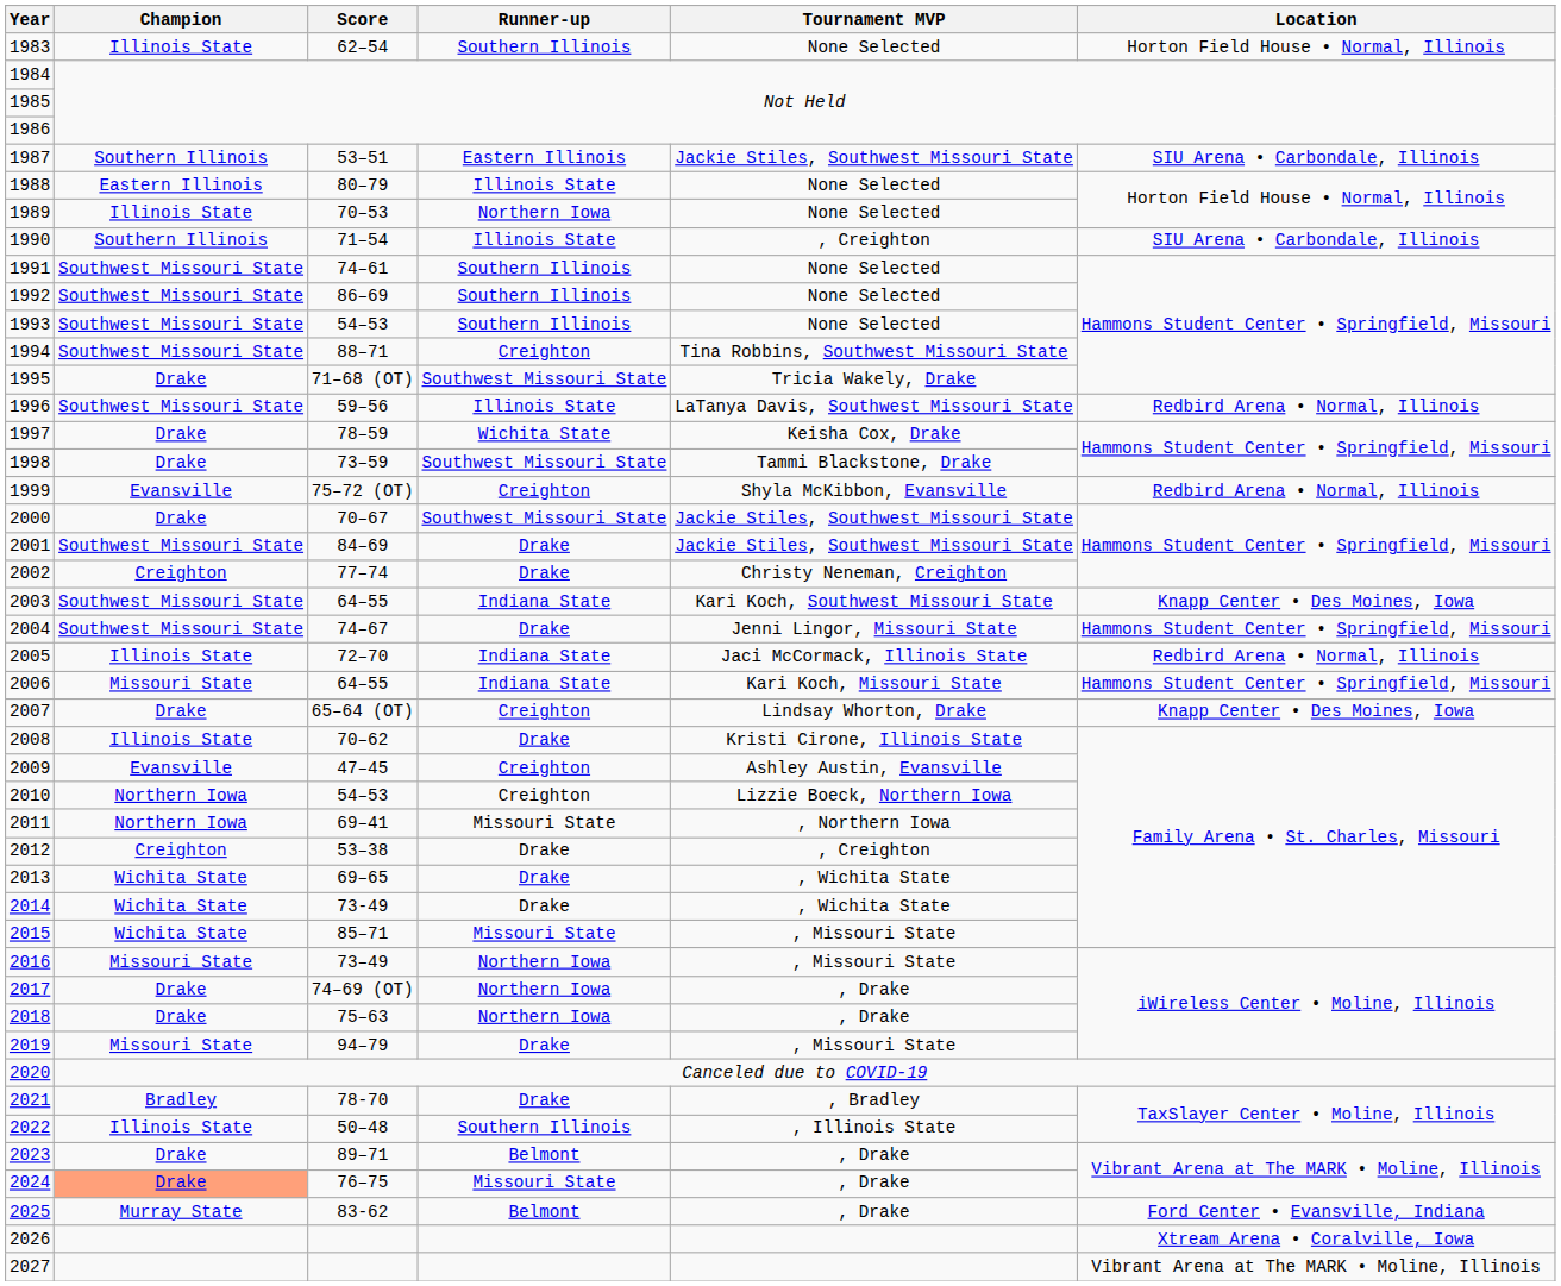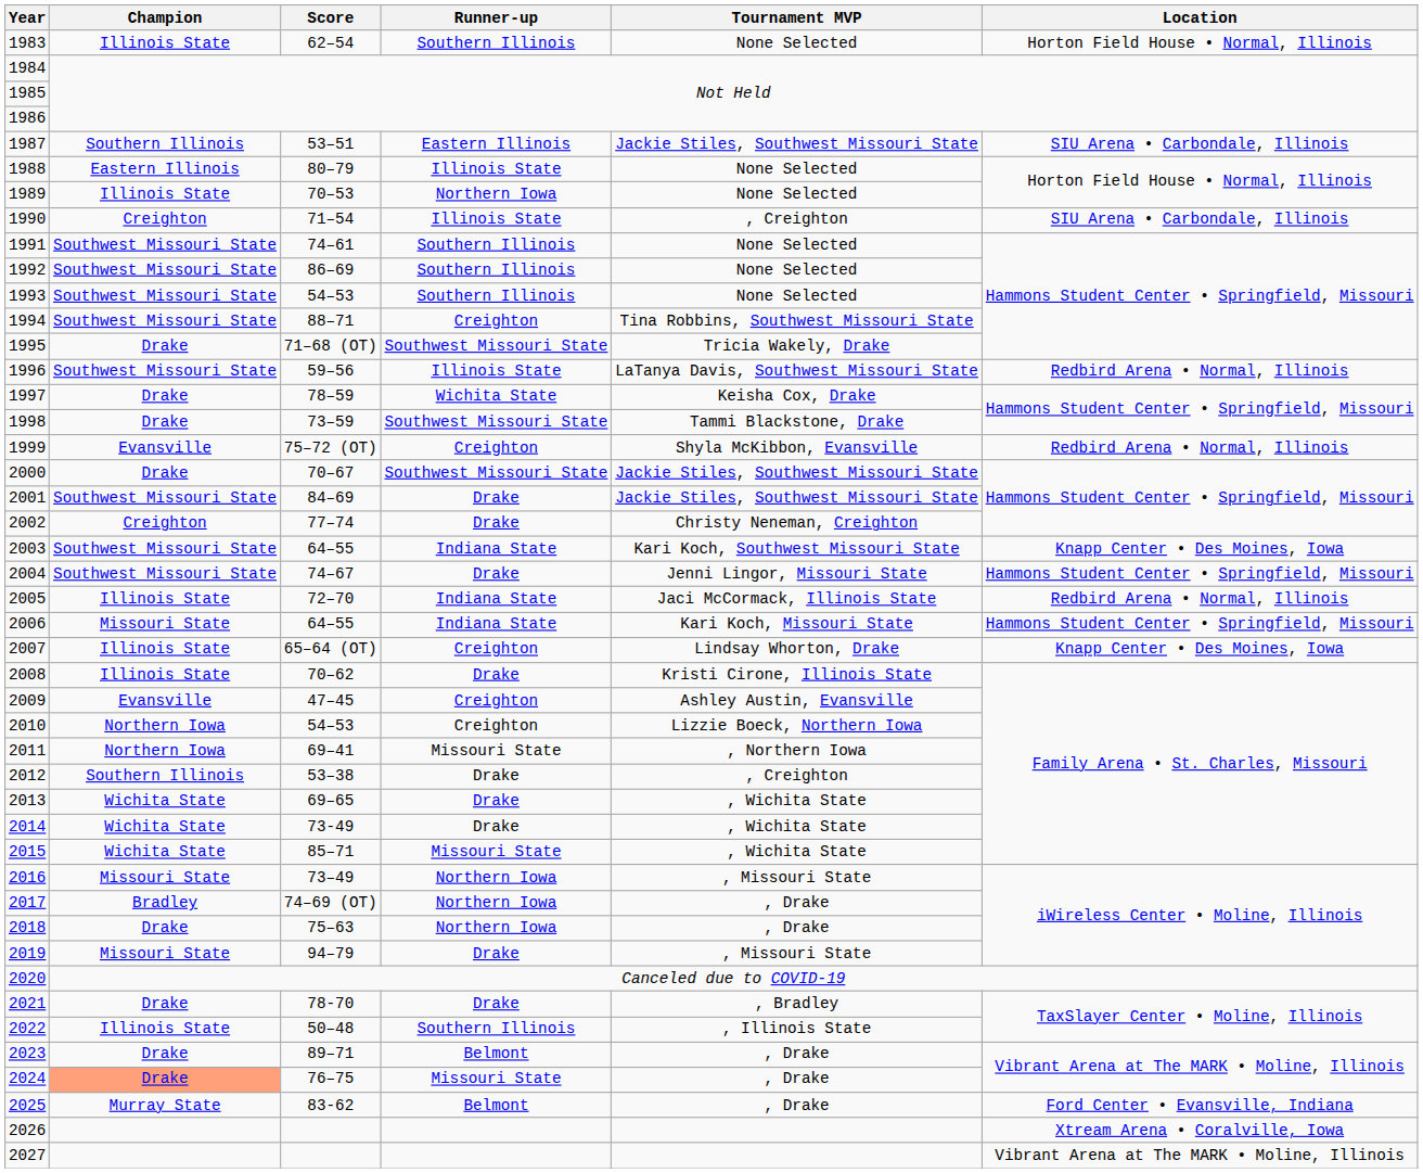 <table class="wikitable sortable" style="text-align:center">
 <tr>
 <th width=px>Year</th>
 <th width=px>Champion</th>
 <th width=px>Score</th>
 <th width=px>Runner-up</th>
 <th width=px>Tournament MVP</th>
 <th width=px>Location</th>
 </tr>
 <tr>
 <td>1983</td>
 <td><a href='#'>Illinois State</a></td>
 <td>62–54</td>
 <td><a href='#'>Southern Illinois</a></td>
 <td>None Selected</td>
 <td>Horton Field House • <a href='#'>Normal</a>, <a href='#'>Illinois</a></td>
 </tr>
 <tr>
 <td>1984</td>
 <td colspan=5 rowspan=3 align=center><em>Not Held</em></td>
 </tr>
 <tr>
 <td>1985</td>
 </tr>
 <tr>
 <td>1986</td>
 </tr>
 <tr>
 <td>1987</td>
 <td><a href='#'>Southern Illinois</a></td>
 <td>53–51</td>
 <td><a href='#'>Eastern Illinois</a></td>
 <td><a href='#'>Jackie Stiles</a>, <a href='#'>Southwest Missouri State</a></td>
 <td><a href='#'>SIU Arena</a> • <a href='#'>Carbondale</a>, <a href='#'>Illinois</a></td>
 </tr>
 <tr>
 <td>1988</td>
 <td><a href='#'>Eastern Illinois</a></td>
 <td>80–79</td>
 <td><a href='#'>Illinois State</a></td>
 <td>None Selected</td>
 <td rowspan=2>Horton Field House • <a href='#'>Normal</a>, <a href='#'>Illinois</a></td>
 </tr>
 <tr>
 <td>1989</td>
 <td><a href='#'>Illinois State</a></td>
 <td>70–53</td>
 <td><a href='#'>Northern Iowa</a></td>
 <td>None Selected</td>
 </tr>
 <tr>
 <td>1990</td>
-<td><a href='#'>Southern Illinois</a></td>
+<td><a href='#'>Creighton</a></td>
 <td>71–54</td>
 <td><a href='#'>Illinois State</a></td>
 <td>, Creighton</td>
 <td><a href='#'>SIU Arena</a> • <a href='#'>Carbondale</a>, <a href='#'>Illinois</a></td>
 </tr>
 <tr>
 <td>1991</td>
 <td><a href='#'>Southwest Missouri State</a></td>
 <td>74–61</td>
 <td><a href='#'>Southern Illinois</a></td>
 <td>None Selected</td>
 <td rowspan=5><a href='#'>Hammons Student Center</a> • <a href='#'>Springfield</a>, <a href='#'>Missouri</a></td>
 </tr>
 <tr>
 <td>1992</td>
 <td><a href='#'>Southwest Missouri State</a></td>
 <td>86–69</td>
 <td><a href='#'>Southern Illinois</a></td>
 <td>None Selected</td>
 </tr>
 <tr>
 <td>1993</td>
 <td><a href='#'>Southwest Missouri State</a></td>
 <td>54–53</td>
 <td><a href='#'>Southern Illinois</a></td>
 <td>None Selected</td>
 </tr>
 <tr>
 <td>1994</td>
 <td><a href='#'>Southwest Missouri State</a></td>
 <td>88–71</td>
 <td><a href='#'>Creighton</a></td>
 <td>Tina Robbins, <a href='#'>Southwest Missouri State</a></td>
 </tr>
 <tr>
 <td>1995</td>
 <td><a href='#'>Drake</a></td>
 <td>71–68 (OT)</td>
 <td><a href='#'>Southwest Missouri State</a></td>
 <td>Tricia Wakely, <a href='#'>Drake</a></td>
 </tr>
 <tr>
 <td>1996</td>
 <td><a href='#'>Southwest Missouri State</a></td>
 <td>59–56</td>
 <td><a href='#'>Illinois State</a></td>
 <td>LaTanya Davis, <a href='#'>Southwest Missouri State</a></td>
 <td><a href='#'>Redbird Arena</a> • <a href='#'>Normal</a>, <a href='#'>Illinois</a></td>
 </tr>
 <tr>
 <td>1997</td>
 <td><a href='#'>Drake</a></td>
 <td>78–59</td>
 <td><a href='#'>Wichita State</a></td>
 <td>Keisha Cox, <a href='#'>Drake</a></td>
 <td rowspan=2><a href='#'>Hammons Student Center</a> • <a href='#'>Springfield</a>, <a href='#'>Missouri</a></td>
 </tr>
 <tr>
 <td>1998</td>
 <td><a href='#'>Drake</a></td>
 <td>73–59</td>
 <td><a href='#'>Southwest Missouri State</a></td>
 <td>Tammi Blackstone, <a href='#'>Drake</a></td>
 </tr>
 <tr>
 <td>1999</td>
 <td><a href='#'>Evansville</a></td>
 <td>75–72 (OT)</td>
 <td><a href='#'>Creighton</a></td>
 <td>Shyla McKibbon, <a href='#'>Evansville</a></td>
 <td><a href='#'>Redbird Arena</a> • <a href='#'>Normal</a>, <a href='#'>Illinois</a></td>
 </tr>
 <tr>
 <td>2000</td>
 <td><a href='#'>Drake</a></td>
 <td>70–67</td>
 <td><a href='#'>Southwest Missouri State</a></td>
 <td><a href='#'>Jackie Stiles</a>, <a href='#'>Southwest Missouri State</a></td>
 <td rowspan=3><a href='#'>Hammons Student Center</a> • <a href='#'>Springfield</a>, <a href='#'>Missouri</a></td>
 </tr>
 <tr>
 <td>2001</td>
 <td><a href='#'>Southwest Missouri State</a></td>
 <td>84–69</td>
 <td><a href='#'>Drake</a></td>
 <td><a href='#'>Jackie Stiles</a>, <a href='#'>Southwest Missouri State</a></td>
 </tr>
 <tr>
 <td>2002</td>
 <td><a href='#'>Creighton</a></td>
 <td>77–74</td>
 <td><a href='#'>Drake</a></td>
 <td>Christy Neneman, <a href='#'>Creighton</a></td>
 </tr>
 <tr>
 <td>2003</td>
 <td><a href='#'>Southwest Missouri State</a></td>
 <td>64–55</td>
 <td><a href='#'>Indiana State</a></td>
 <td>Kari Koch, <a href='#'>Southwest Missouri State</a></td>
 <td><a href='#'>Knapp Center</a> • <a href='#'>Des Moines</a>, <a href='#'>Iowa</a></td>
 </tr>
 <tr>
 <td>2004</td>
 <td><a href='#'>Southwest Missouri State</a></td>
 <td>74–67</td>
 <td><a href='#'>Drake</a></td>
 <td>Jenni Lingor, <a href='#'>Missouri State</a></td>
 <td><a href='#'>Hammons Student Center</a> • <a href='#'>Springfield</a>, <a href='#'>Missouri</a></td>
 </tr>
 <tr>
 <td>2005</td>
 <td><a href='#'>Illinois State</a></td>
 <td>72–70</td>
 <td><a href='#'>Indiana State</a></td>
 <td>Jaci McCormack, <a href='#'>Illinois State</a></td>
 <td><a href='#'>Redbird Arena</a> • <a href='#'>Normal</a>, <a href='#'>Illinois</a></td>
 </tr>
 <tr>
 <td>2006</td>
 <td><a href='#'>Missouri State</a></td>
 <td>64–55</td>
 <td><a href='#'>Indiana State</a></td>
 <td>Kari Koch, <a href='#'>Missouri State</a></td>
 <td><a href='#'>Hammons Student Center</a> • <a href='#'>Springfield</a>, <a href='#'>Missouri</a></td>
 </tr>
 <tr>
 <td>2007</td>
-<td><a href='#'>Drake</a></td>
+<td><a href='#'>Illinois State</a></td>
 <td>65–64 (OT)</td>
 <td><a href='#'>Creighton</a></td>
 <td>Lindsay Whorton, <a href='#'>Drake</a></td>
 <td><a href='#'>Knapp Center</a> • <a href='#'>Des Moines</a>, <a href='#'>Iowa</a></td>
 </tr>
 <tr>
 <td>2008</td>
 <td><a href='#'>Illinois State</a></td>
 <td>70–62</td>
 <td><a href='#'>Drake</a></td>
 <td>Kristi Cirone, <a href='#'>Illinois State</a></td>
 <td rowspan=8><a href='#'>Family Arena</a> • <a href='#'>St. Charles</a>, <a href='#'>Missouri</a></td>
 </tr>
 <tr>
 <td>2009</td>
 <td><a href='#'>Evansville</a></td>
 <td>47–45</td>
 <td><a href='#'>Creighton</a></td>
 <td>Ashley Austin, <a href='#'>Evansville</a></td>
 </tr>
 <tr>
 <td>2010</td>
 <td><a href='#'>Northern Iowa</a></td>
 <td>54–53</td>
 <td>Creighton</td>
 <td>Lizzie Boeck, <a href='#'>Northern Iowa</a></td>
 </tr>
 <tr>
 <td>2011</td>
 <td><a href='#'>Northern Iowa</a></td>
 <td>69–41</td>
 <td>Missouri State</td>
 <td>, Northern Iowa</td>
 </tr>
 <tr>
 <td>2012</td>
-<td><a href='#'>Creighton</a></td>
+<td><a href='#'>Southern Illinois</a></td>
 <td>53–38</td>
 <td>Drake</td>
 <td>, Creighton</td>
 </tr>
 <tr>
 <td>2013</td>
 <td><a href='#'>Wichita State</a></td>
 <td>69–65</td>
 <td><a href='#'>Drake</a></td>
 <td>, Wichita State</td>
 </tr>
 <tr>
 <td><a href='#'>2014</a></td>
 <td><a href='#'>Wichita State</a></td>
 <td>73-49</td>
 <td>Drake</td>
 <td>, Wichita State</td>
 </tr>
 <tr>
 <td><a href='#'>2015</a></td>
 <td><a href='#'>Wichita State</a></td>
 <td>85–71</td>
 <td><a href='#'>Missouri State</a></td>
-<td>, Missouri State</td>
+<td>, Wichita State</td>
 </tr>
 <tr>
 <td><a href='#'>2016</a></td>
 <td><a href='#'>Missouri State</a></td>
 <td>73–49</td>
 <td><a href='#'>Northern Iowa</a></td>
 <td>, Missouri State</td>
 <td rowspan=4><a href='#'>iWireless Center</a> • <a href='#'>Moline</a>, <a href='#'>Illinois</a></td>
 </tr>
 <tr>
 <td><a href='#'>2017</a></td>
-<td><a href='#'>Drake</a></td>
+<td><a href='#'>Bradley</a></td>
 <td>74–69 (OT)</td>
 <td><a href='#'>Northern Iowa</a></td>
 <td>, Drake</td>
 </tr>
 <tr>
 <td><a href='#'>2018</a></td>
 <td><a href='#'>Drake</a></td>
 <td>75–63</td>
 <td><a href='#'>Northern Iowa</a></td>
 <td>, Drake</td>
 </tr>
 <tr>
 <td><a href='#'>2019</a></td>
 <td><a href='#'>Missouri State</a></td>
 <td>94–79</td>
 <td><a href='#'>Drake</a></td>
 <td>, Missouri State</td>
 </tr>
 <tr>
 <td><a href='#'>2020</a></td>
 <td colspan=5 align=center><em>Canceled due to <a href='#'>COVID-19</a></em></td>
 </tr>
 <tr>
 <td><a href='#'>2021</a></td>
-<td><a href='#'>Bradley</a></td>
+<td><a href='#'>Drake</a></td>
 <td>78-70</td>
 <td><a href='#'>Drake</a></td>
 <td>, Bradley</td>
 <td rowspan=2><a href='#'>TaxSlayer Center</a> • <a href='#'>Moline</a>, <a href='#'>Illinois</a></td>
 </tr>
 <tr>
 <td><a href='#'>2022</a></td>
 <td><a href='#'>Illinois State</a></td>
 <td>50–48</td>
 <td><a href='#'>Southern Illinois</a></td>
 <td>, Illinois State</td>
 </tr>
 <tr>
 <td><a href='#'>2023</a></td>
 <td><a href='#'>Drake</a></td>
 <td>89–71</td>
 <td><a href='#'>Belmont</a></td>
 <td>, Drake</td>
 <td rowspan="2"><a href='#'>Vibrant Arena at The MARK</a> • <a href='#'>Moline</a>, <a href='#'>Illinois</a></td>
 </tr>
 <tr>
 <td><a href='#'>2024</a></td>
 <td style="background: lightsalmon;"><a href='#'>Drake</a></td>
 <td>76–75</td>
 <td><a href='#'>Missouri State</a></td>
 <td>, Drake</td>
 </tr>
 <tr>
 <td><a href='#'>2025</a></td>
 <td><a href='#'>Murray State</a></td>
 <td>83-62</td>
 <td><a href='#'>Belmont</a></td>
 <td>, Drake</td>
 <td><a href='#'>Ford Center</a> • <a href='#'>Evansville, Indiana</a></td>
 </tr>
 <tr>
 <td>2026</td>
 <td></td>
 <td></td>
 <td></td>
 <td></td>
 <td><a href='#'>Xtream Arena</a> • <a href='#'>Coralville, Iowa</a></td>
 </tr>
 <tr>
 <td>2027</td>
 <td></td>
 <td></td>
 <td></td>
 <td></td>
 <td>Vibrant Arena at The MARK • Moline, Illinois</td>
 </tr>
 </table>
